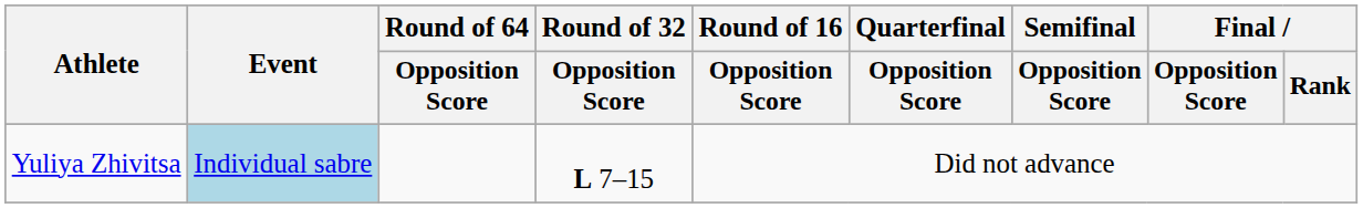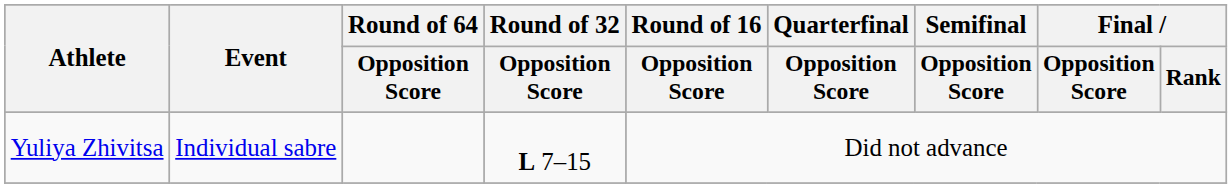 <table class="wikitable" style="font-size:90%">
 <tr>
 <th rowspan=2>Athlete</th>
 <th rowspan=2>Event</th>
 <th>Round of 64</th>
 <th>Round of 32</th>
 <th>Round of 16</th>
 <th>Quarterfinal</th>
 <th>Semifinal</th>
 <th colspan=2>Final / </th>
 </tr>
 <tr style="font-size:95%">
 <th>Opposition <br> Score</th>
 <th>Opposition <br> Score</th>
 <th>Opposition <br> Score</th>
 <th>Opposition <br> Score</th>
 <th>Opposition <br> Score</th>
 <th>Opposition <br> Score</th>
 <th>Rank</th>
 </tr>
 <tr align=center>
 <td align=left><a href='#'>Yuliya Zhivitsa</a></td>
-<td align=left style="background: lightblue;"><a href='#'>Individual sabre</a></td>
+<td align=left><a href='#'>Individual sabre</a></td>
 <td></td>
 <td><br><strong>L</strong> 7–15</td>
 <td colspan=5>Did not advance</td>
 </tr>
 </table>
